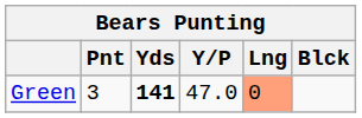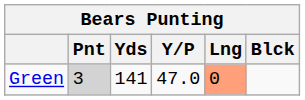 <table class="wikitable">
 <tr>
 <th colspan="6">Bears Punting</th>
 </tr>
 <tr>
 <th></th>
 <th>Pnt</th>
 <th>Yds</th>
 <th>Y/P</th>
 <th>Lng</th>
 <th>Blck</th>
 </tr>
 <tr>
 <td><a href='#'>Green</a></td>
-<td>3</td>
-<td><strong>141</strong></td>
+<td style="background: lightgrey;">3</td>
+<td>141</td>
 <td>47.0</td>
 <td style="background: lightsalmon;">0</td>
 <td></td>
 </tr>
 </table>
